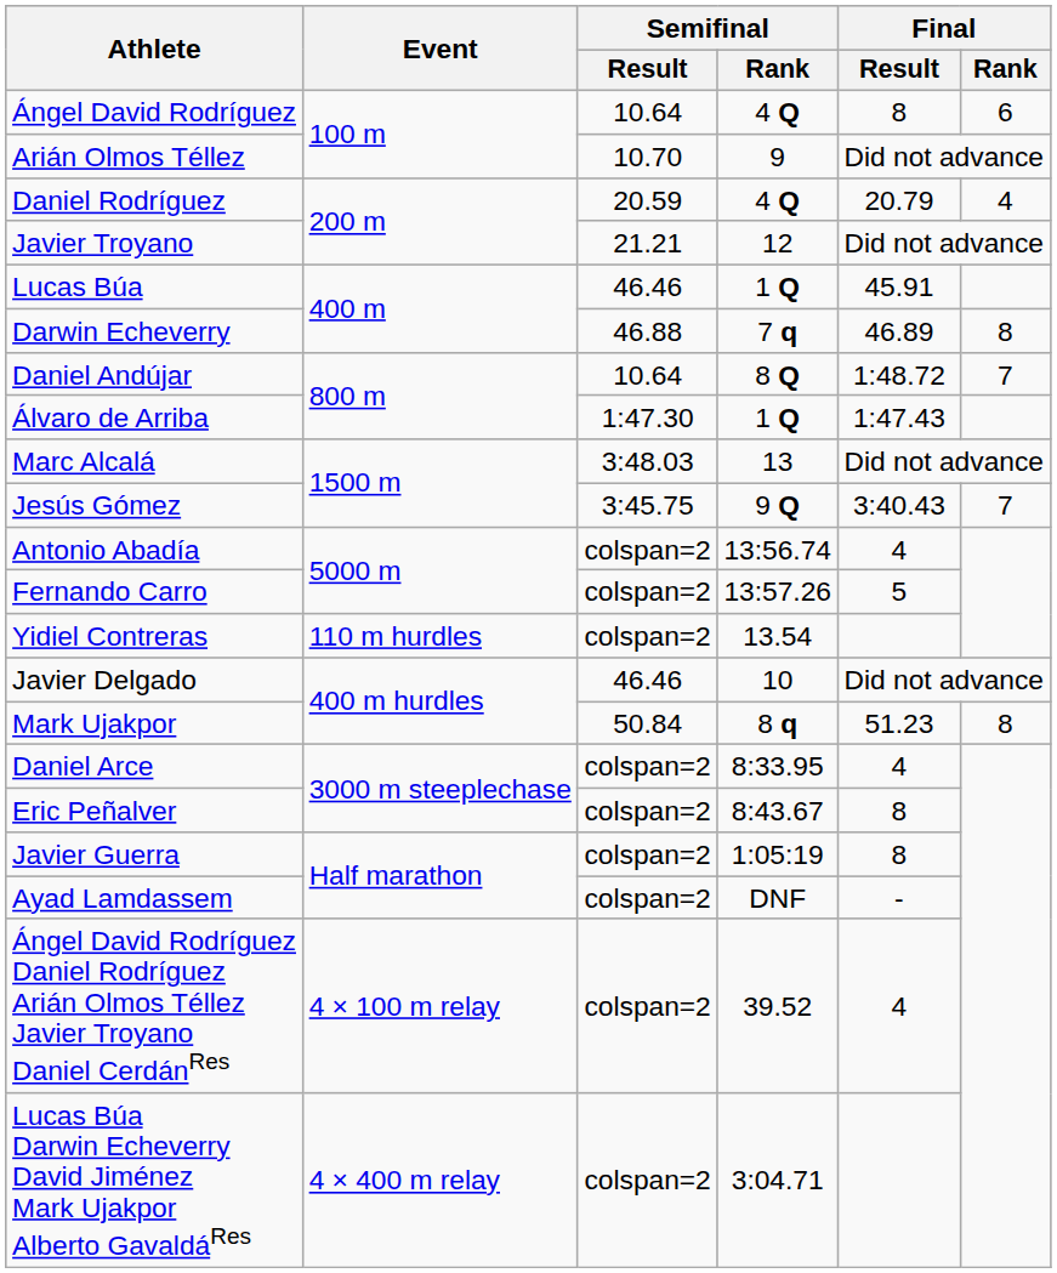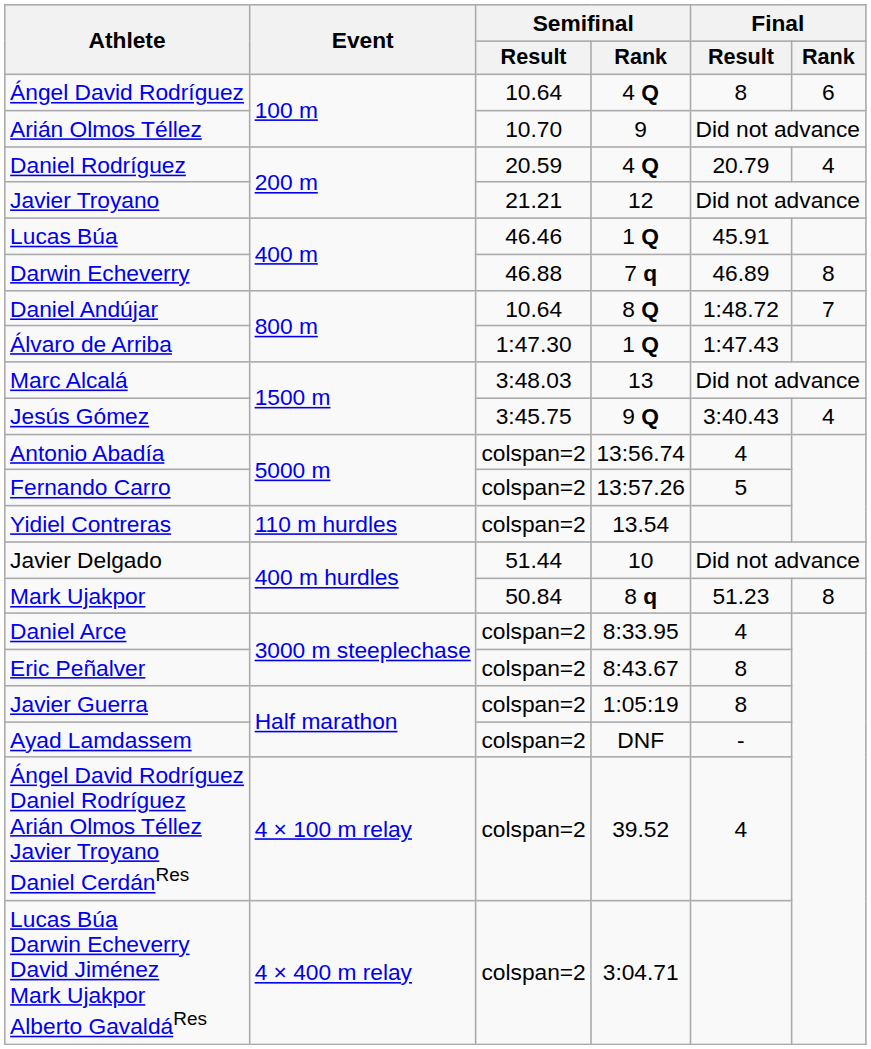 <table class="wikitable" style="font-size:90%">
 <tr>
 <th rowspan="2">Athlete</th>
 <th rowspan="2">Event</th>
 <th colspan="2">Semifinal</th>
 <th colspan="2">Final</th>
 </tr>
 <tr style="font-size:95%">
 <th>Result</th>
 <th>Rank</th>
 <th>Result</th>
 <th>Rank</th>
 </tr>
 <tr align=center>
 <td align=left><a href='#'>Ángel David Rodríguez</a></td>
 <td align=left rowspan=2><a href='#'>100 m</a></td>
 <td>10.64</td>
 <td>4 <strong>Q</strong></td>
 <td>8</td>
 <td>6</td>
 </tr>
 <tr align=center>
 <td align=left><a href='#'>Arián Olmos Téllez</a></td>
 <td>10.70</td>
 <td>9</td>
 <td colspan=2>Did not advance</td>
 </tr>
 <tr align=center>
 <td align=left><a href='#'>Daniel Rodríguez</a></td>
 <td align=left rowspan=2><a href='#'>200 m</a></td>
 <td>20.59</td>
 <td>4  <strong>Q</strong></td>
 <td>20.79</td>
 <td>4</td>
 </tr>
 <tr align=center>
 <td align=left><a href='#'>Javier Troyano</a></td>
 <td>21.21</td>
 <td>12</td>
 <td colspan=2>Did not advance</td>
 </tr>
 <tr align=center>
 <td align=left><a href='#'>Lucas Búa</a></td>
 <td align=left rowspan=2><a href='#'>400 m</a></td>
 <td>46.46</td>
 <td>1 <strong>Q</strong></td>
 <td>45.91</td>
 <td></td>
 </tr>
 <tr align=center>
 <td align=left><a href='#'>Darwin Echeverry</a></td>
 <td>46.88</td>
 <td>7 <strong>q</strong></td>
 <td>46.89</td>
 <td>8</td>
 </tr>
 <tr align=center>
 <td align=left><a href='#'>Daniel Andújar</a></td>
 <td align=left rowspan=2><a href='#'>800 m</a></td>
 <td>10.64</td>
 <td>8 <strong>Q</strong></td>
 <td>1:48.72</td>
 <td>7</td>
 </tr>
 <tr align=center>
 <td align=left><a href='#'>Álvaro de Arriba</a></td>
 <td>1:47.30</td>
 <td>1 <strong>Q</strong></td>
 <td>1:47.43</td>
 <td></td>
 </tr>
 <tr align=center>
 <td align=left><a href='#'>Marc Alcalá</a></td>
 <td align=left rowspan=2><a href='#'>1500 m</a></td>
 <td>3:48.03</td>
 <td>13</td>
 <td colspan=2>Did not advance</td>
 </tr>
 <tr align=center>
 <td align=left><a href='#'>Jesús Gómez</a></td>
 <td>3:45.75</td>
 <td>9 <strong>Q</strong></td>
 <td>3:40.43</td>
-<td>7</td>
+<td>4</td>
 </tr>
 <tr align=center>
 <td align=left><a href='#'>Antonio Abadía</a></td>
 <td align=left rowspan=2><a href='#'>5000 m</a></td>
 <td>colspan=2 </td>
 <td>13:56.74</td>
 <td>4</td>
 </tr>
 <tr align=center>
 <td align=left><a href='#'>Fernando Carro</a></td>
 <td>colspan=2 </td>
 <td>13:57.26</td>
 <td>5</td>
 </tr>
 <tr align=center>
 <td align=left><a href='#'>Yidiel Contreras</a></td>
 <td align=left><a href='#'>110 m hurdles</a></td>
 <td>colspan=2 </td>
 <td>13.54</td>
 <td></td>
 </tr>
 <tr align=center>
 <td align=left>Javier Delgado</td>
 <td align=left rowspan=2><a href='#'>400 m hurdles</a></td>
-<td>46.46</td>
+<td>51.44</td>
 <td>10</td>
 <td colspan=2>Did not advance</td>
 </tr>
 <tr align=center>
 <td align=left><a href='#'>Mark Ujakpor</a></td>
 <td>50.84</td>
 <td>8 <strong>q</strong></td>
 <td>51.23</td>
 <td>8</td>
 </tr>
 <tr align=center>
 <td align=left><a href='#'>Daniel Arce</a></td>
 <td align=left rowspan=2><a href='#'>3000 m steeplechase</a></td>
 <td>colspan=2 </td>
 <td>8:33.95</td>
 <td>4</td>
 </tr>
 <tr align=center>
 <td align=left><a href='#'>Eric Peñalver</a></td>
 <td>colspan=2 </td>
 <td>8:43.67</td>
 <td>8</td>
 </tr>
 <tr align=center>
 <td align=left><a href='#'>Javier Guerra</a></td>
 <td align=left rowspan=2><a href='#'>Half marathon</a></td>
 <td>colspan=2 </td>
 <td>1:05:19</td>
 <td>8</td>
 </tr>
 <tr align=center>
 <td align=left><a href='#'>Ayad Lamdassem</a></td>
 <td>colspan=2 </td>
 <td>DNF</td>
 <td>-</td>
 </tr>
 <tr align=center>
 <td align=left><a href='#'>Ángel David Rodríguez</a><br><a href='#'>Daniel Rodríguez</a><br><a href='#'>Arián Olmos Téllez</a><br><a href='#'>Javier Troyano</a><br><a href='#'>Daniel Cerdán</a><sup>Res</sup></td>
 <td align=left><a href='#'>4 × 100 m relay</a></td>
 <td>colspan=2 </td>
 <td>39.52</td>
 <td>4</td>
 </tr>
 <tr align=center>
 <td align=left><a href='#'>Lucas Búa</a><br><a href='#'>Darwin Echeverry</a><br><a href='#'>David Jiménez</a><br><a href='#'>Mark Ujakpor</a><br><a href='#'>Alberto Gavaldá</a><sup>Res</sup></td>
 <td align=left><a href='#'>4 × 400 m relay</a></td>
 <td>colspan=2 </td>
 <td>3:04.71</td>
 <td></td>
 </tr>
 </table>
